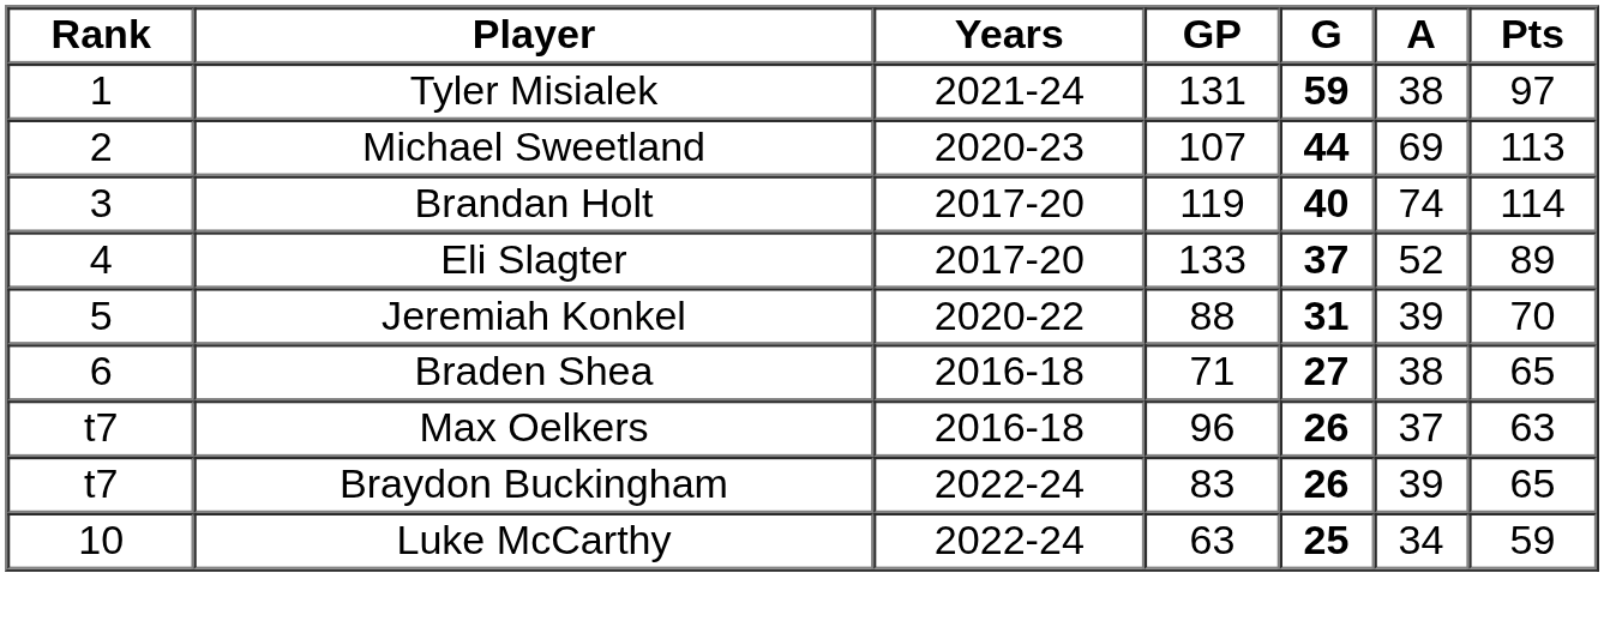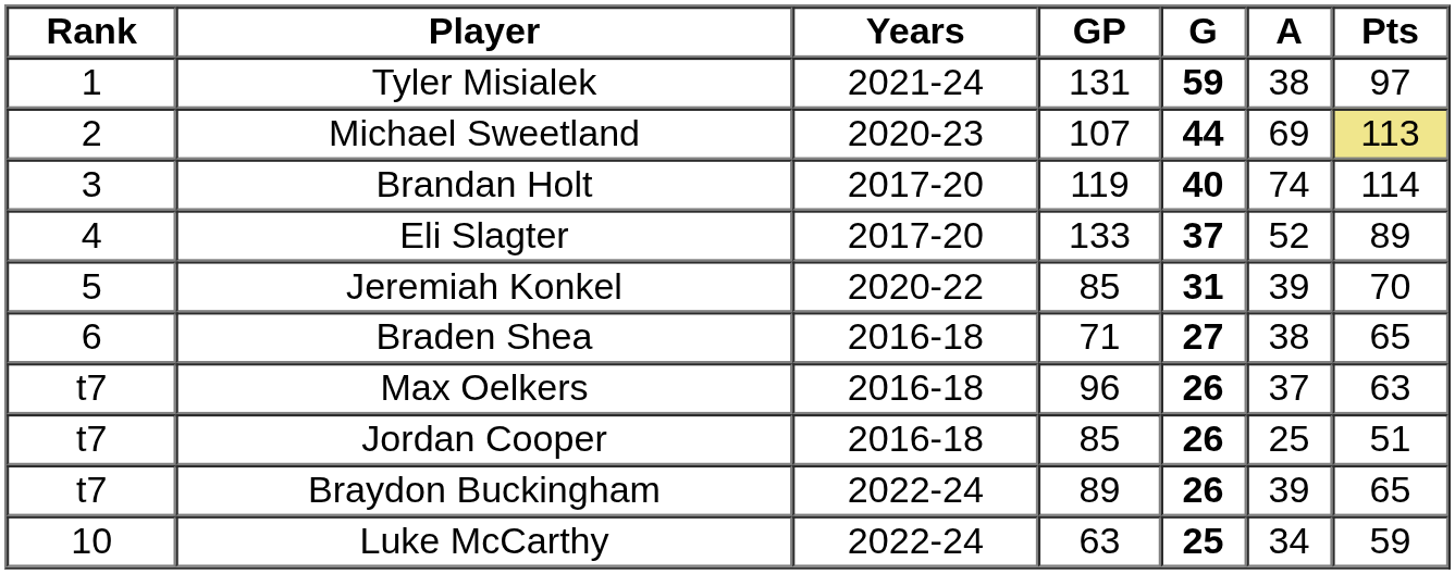 <table cellpadding="1" border="1" cellspacing="0" width="100%">
 <tr>
 <th>Rank</th>
 <th>Player</th>
 <th>Years</th>
 <th>GP</th>
 <th>G</th>
 <th>A</th>
 <th>Pts</th>
 </tr>
 <tr>
 </tr>
 <tr align="center">
 <td>1</td>
 <td>Tyler Misialek</td>
 <td>2021-24</td>
 <td>131</td>
 <td><strong>59</strong></td>
 <td>38</td>
 <td>97</td>
 </tr>
 <tr align="center">
 <td>2</td>
 <td>Michael Sweetland</td>
 <td>2020-23</td>
 <td>107</td>
 <td><strong>44</strong></td>
 <td>69</td>
-<td>113</td>
+<td style="background: khaki;">113</td>
 </tr>
 <tr align="center">
 <td>3</td>
 <td>Brandan Holt</td>
 <td>2017-20</td>
 <td>119</td>
 <td><strong>40</strong></td>
 <td>74</td>
 <td>114</td>
 </tr>
 <tr align="center">
 <td>4</td>
 <td>Eli Slagter</td>
 <td>2017-20</td>
 <td>133</td>
 <td><strong>37</strong></td>
 <td>52</td>
 <td>89</td>
 </tr>
 <tr align="center">
 <td>5</td>
 <td>Jeremiah Konkel</td>
 <td>2020-22</td>
-<td>88</td>
+<td>85</td>
 <td><strong>31</strong></td>
 <td>39</td>
 <td>70</td>
 </tr>
 <tr align="center">
 </tr>
 <tr align="center">
 </tr>
 <tr align="center">
 <td>6</td>
 <td>Braden Shea</td>
 <td>2016-18</td>
 <td>71</td>
 <td><strong>27</strong></td>
 <td>38</td>
 <td>65</td>
 </tr>
 <tr align="center">
 <td>t7</td>
 <td>Max Oelkers</td>
 <td>2016-18</td>
 <td>96</td>
 <td><strong>26</strong></td>
 <td>37</td>
 <td>63</td>
 </tr>
 <tr align="center">
 <td>t7</td>
+<td>Jordan Cooper</td>
+<td>2016-18</td>
+<td>85</td>
+<td><strong>26</strong></td>
+<td>25</td>
+<td>51</td>
+</tr>
+<tr align="center">
+<td>t7</td>
 <td>Braydon Buckingham</td>
 <td>2022-24</td>
-<td>83</td>
+<td>89</td>
 <td><strong>26</strong></td>
 <td>39</td>
 <td>65</td>
 </tr>
 <tr align="center">
 <td>10</td>
 <td>Luke McCarthy</td>
 <td>2022-24</td>
 <td>63</td>
 <td><strong>25</strong></td>
 <td>34</td>
 <td>59</td>
 </tr>
 </table>
